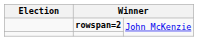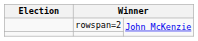 <table class=wikitable>
 <tr>
 <th width=100>Election</th>
 <th width=175 colspan=2>Winner</th>
 </tr>
 <tr>
 <td></td>
-<td><strong>rowspan=2 </strong></td>
+<td>rowspan=2 </td>
 <td rowspan=2><a href='#'>John McKenzie</a></td>
 </tr>
 <tr>
 <td></td>
 </tr>
 </table>
